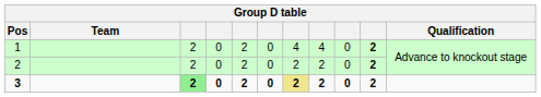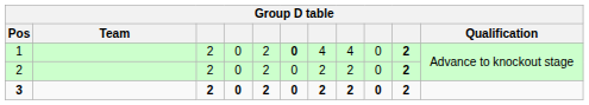 <table class="wikitable" style="text-align: center;">
 <tr>
 <th colspan="11">Group D table</th>
 </tr>
 <tr>
 <th width=30>Pos</th>
 <th width="210">Team</th>
 <th width=30></th>
 <th width=30></th>
 <th width=30></th>
 <th width=30></th>
 <th width=30></th>
 <th width=30></th>
 <th width=30></th>
 <th width=30></th>
 <th width=210>Qualification</th>
 </tr>
 <tr bgcolor=#ccffcc>
 <td>1</td>
 <td align="left"></td>
 <td>2</td>
 <td>0</td>
 <td>2</td>
-<td>0</td>
+<td><strong>0</strong></td>
 <td>4</td>
 <td>4</td>
 <td>0</td>
 <td><strong>2</strong></td>
 <td rowspan="2">Advance to knockout stage</td>
 </tr>
 <tr bgcolor=#ccffcc>
 <td>2</td>
 <td align="left"></td>
 <td>2</td>
 <td>0</td>
 <td>2</td>
 <td>0</td>
 <td>2</td>
 <td>2</td>
 <td>0</td>
 <td><strong>2</strong></td>
 </tr>
 <tr>
 <td><strong>3</strong></td>
 <td align="left"><strong></strong></td>
-<td style="background: lightgreen;"><strong>2</strong></td>
+<td><strong>2</strong></td>
 <td><strong>0</strong></td>
 <td><strong>2</strong></td>
 <td><strong>0</strong></td>
-<td style="background: khaki;"><strong>2</strong></td>
+<td><strong>2</strong></td>
 <td><strong>2</strong></td>
 <td><strong>0</strong></td>
 <td><strong>2</strong></td>
 <td></td>
 </tr>
 </table>
